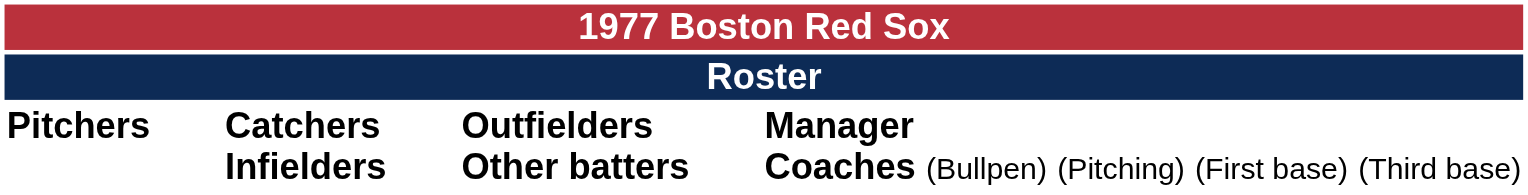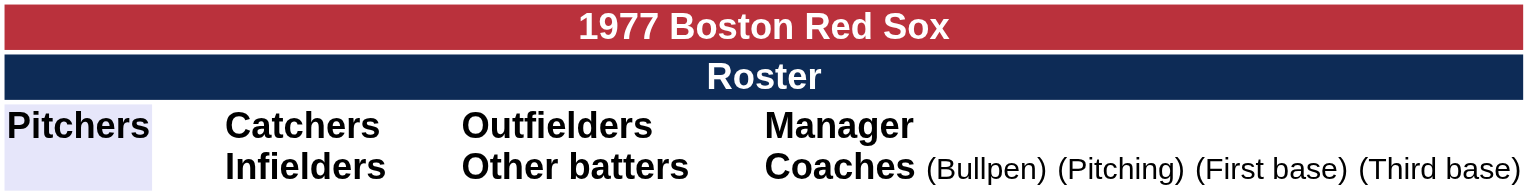 <table class="toccolours" style="text-align: left;">
 <tr>
 <th colspan="10" style="background-color: #ba313c; color: white; text-align: center;">1977 Boston Red Sox</th>
 </tr>
 <tr>
 <td colspan="10" style="background-color:#0d2b56; color: white; text-align: center;"><strong>Roster</strong></td>
 </tr>
 <tr>
-<td valign="top"><strong>Pitchers</strong><br>              </td>
+<td valign="top" style="background: lavender;"><strong>Pitchers</strong><br>              </td>
 <td width="25px"></td>
 <td valign="top"><strong>Catchers</strong><br>   <strong>Infielders</strong>         </td>
 <td width="25px"></td>
 <td valign="top"><strong>Outfielders</strong><br>         <strong>Other batters</strong>  </td>
 <td width="25px"></td>
 <td valign="top"><strong>Manager</strong><br> <strong>Coaches</strong>  <small>(Bullpen)</small>  <small>(Pitching)</small>  <small>(First base)</small>  <small>(Third base)</small></td>
 </tr>
 <tr>
 </tr>
 </table>
